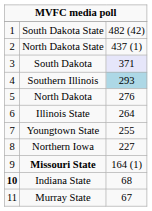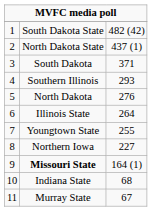 <table class="wikitable" style="display: inline-table;">
 <tr>
 <td align="center" Colspan="3"><strong>MVFC media poll</strong></td>
 </tr>
 <tr align="center">
 </tr>
 <tr align="center">
 <td>1</td>
 <td>South Dakota State</td>
 <td>482 (42)</td>
 </tr>
 <tr align="center">
 <td>2</td>
 <td>North Dakota State</td>
 <td>437 (1)</td>
 </tr>
 <tr align="center">
 <td>3</td>
 <td>South Dakota</td>
-<td style="background: lavender;">371</td>
+<td>371</td>
 </tr>
 <tr align="center">
 <td>4</td>
 <td>Southern Illinois</td>
-<td style="background: lightblue;">293</td>
+<td>293</td>
 </tr>
 <tr align="center">
 <td>5</td>
 <td>North Dakota</td>
 <td>276</td>
 </tr>
 <tr align="center">
 <td>6</td>
 <td>Illinois State</td>
 <td>264</td>
 </tr>
 <tr align="center">
 <td>7</td>
 <td>Youngtown State</td>
 <td>255</td>
 </tr>
 <tr align="center">
 <td>8</td>
 <td>Northern Iowa</td>
 <td>227</td>
 </tr>
 <tr align="center">
 <td>9</td>
 <td><strong>Missouri State</strong></td>
 <td>164 (1)</td>
 </tr>
 <tr align="center">
-<td><strong>10</strong></td>
+<td>10</td>
 <td>Indiana State</td>
 <td>68</td>
 </tr>
 <tr align="center">
 <td>11</td>
 <td>Murray State</td>
 <td>67</td>
 </tr>
 </table>
